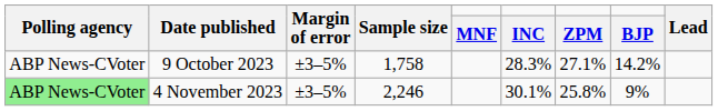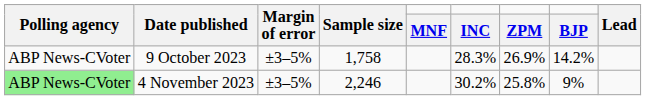 <table class="wikitable" style="text-align:center;font-size:95%;line-height:16px;">
 <tr>
 <th rowspan="2">Polling agency</th>
 <th rowspan="2">Date published</th>
 <th rowspan="2">Margin<br>of error</th>
 <th rowspan="2">Sample size</th>
 <td></td>
 <td></td>
 <td></td>
 <td></td>
 <th rowspan="2">Lead</th>
 </tr>
 <tr>
 <th><a href='#'>MNF</a></th>
 <th><a href='#'>INC</a></th>
 <th><a href='#'>ZPM</a></th>
 <th><a href='#'>BJP</a></th>
 </tr>
 <tr>
 <td>ABP News-CVoter</td>
 <td>9 October 2023</td>
 <td>±3–5%</td>
 <td>1,758</td>
 <td style="background:"><strong></strong></td>
 <td>28.3%</td>
-<td>27.1%</td>
+<td>26.9%</td>
 <td>14.2%</td>
 <td style="background:"><strong></strong></td>
 </tr>
 <tr>
 <td style="background: lightgreen;">ABP News-CVoter</td>
 <td>4 November 2023</td>
 <td>±3–5%</td>
 <td>2,246</td>
 <td style="background:"><strong></strong></td>
-<td>30.1%</td>
+<td>30.2%</td>
 <td>25.8%</td>
 <td>9%</td>
 <td style="background:"><strong></strong></td>
 </tr>
 </table>
